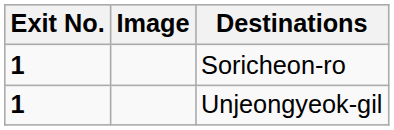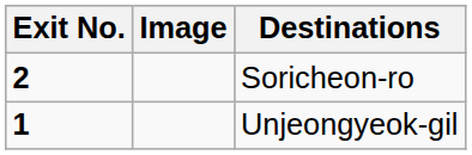 <table class="wikitable">
 <tr>
 <th>Exit No.</th>
 <th>Image</th>
 <th>Destinations</th>
 </tr>
 <tr>
-<td><span><strong>1</strong></span></td>
+<td><span><strong>2</strong></span></td>
 <td></td>
 <td>Soricheon-ro</td>
 </tr>
 <tr>
 <td><span><strong>1</strong></span></td>
 <td></td>
 <td>Unjeongyeok-gil</td>
 </tr>
 </table>
